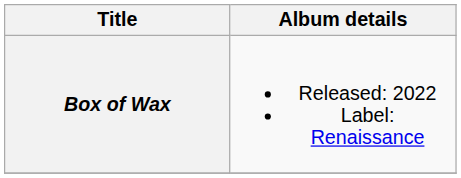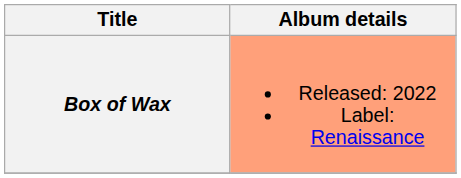 <table class="wikitable plainrowheaders" style="text-align:center;" border="1">
 <tr>
 <th scope="col" rowspan="1" style="width:11em;">Title</th>
 <th scope="col" rowspan="1" style="width:11em;">Album details</th>
 </tr>
 <tr>
 <th scope="row"><em>Box of Wax</em></th>
-<td><br><ul><li>Released: 2022</li><li>Label: <a href='#'>Renaissance</a></li></ul></td>
+<td style="background: lightsalmon;"><br><ul><li>Released: 2022</li><li>Label: <a href='#'>Renaissance</a></li></ul></td>
 </tr>
 <tr>
 </tr>
 </table>
